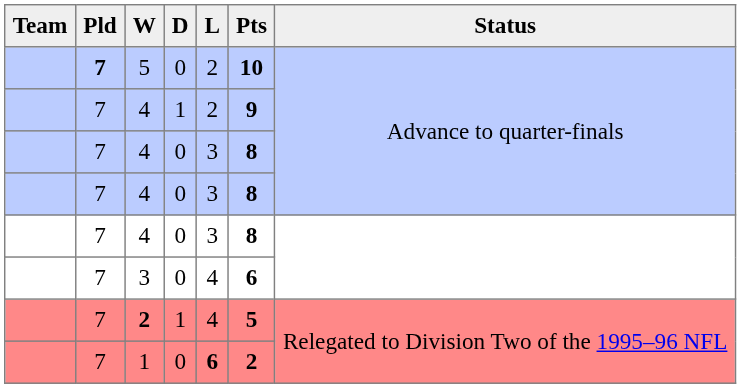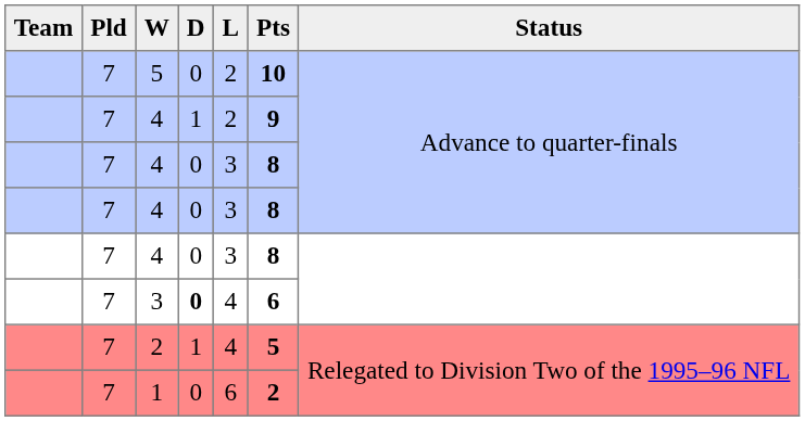 <table style=border-collapse:collapse border=1 cellspacing=0 cellpadding=5>
 <tr align=center bgcolor=#efefef>
 <th>Team</th>
 <th>Pld</th>
 <th>W</th>
 <th>D</th>
 <th>L</th>
 <th>Pts</th>
 <th>Status</th>
 </tr>
 <tr align=center style="background:#bbccff;">
 <td style="text-align:left;"> </td>
-<td><strong>7</strong></td>
+<td>7</td>
 <td>5</td>
 <td>0</td>
 <td>2</td>
 <td><strong>10</strong></td>
 <td rowspan=4>Advance to quarter-finals</td>
 </tr>
 <tr align=center style="background:#bbccff;">
 <td style="text-align:left;"> </td>
 <td>7</td>
 <td>4</td>
 <td>1</td>
 <td>2</td>
 <td><strong>9</strong></td>
 </tr>
 <tr align=center style="background:#bbccff;">
 <td style="text-align:left;"> </td>
 <td>7</td>
 <td>4</td>
 <td>0</td>
 <td>3</td>
 <td><strong>8</strong></td>
 </tr>
 <tr align=center style="background:#bbccff;">
 <td style="text-align:left;"> </td>
 <td>7</td>
 <td>4</td>
 <td>0</td>
 <td>3</td>
 <td><strong>8</strong></td>
 </tr>
 <tr align=center style="background:#FFFFFF;">
 <td style="text-align:left;"> </td>
 <td>7</td>
 <td>4</td>
 <td>0</td>
 <td>3</td>
 <td><strong>8</strong></td>
 <td rowspan=2></td>
 </tr>
 <tr align=center style="background:#FFFFFF;">
 <td style="text-align:left;"> </td>
 <td>7</td>
 <td>3</td>
-<td>0</td>
+<td><strong>0</strong></td>
 <td>4</td>
 <td><strong>6</strong></td>
 </tr>
 <tr align=center style="background:#FF8888;">
 <td style="text-align:left;"> </td>
 <td>7</td>
-<td><strong>2</strong></td>
+<td>2</td>
 <td>1</td>
 <td>4</td>
 <td><strong>5</strong></td>
 <td rowspan=2>Relegated to Division Two of the <a href='#'>1995–96 NFL</a></td>
 </tr>
 <tr align=center style="background:#FF8888;">
 <td style="text-align:left;"> </td>
 <td>7</td>
 <td>1</td>
 <td>0</td>
-<td><strong>6</strong></td>
+<td>6</td>
 <td><strong>2</strong></td>
 </tr>
 </table>
